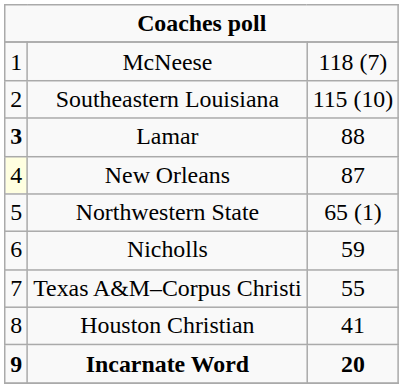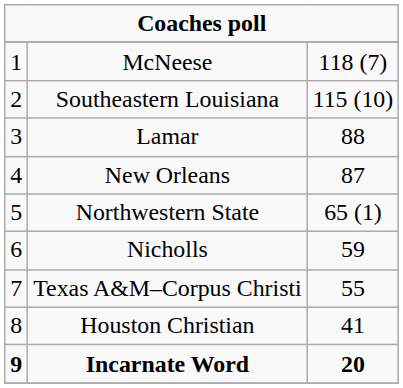 <table class="wikitable">
 <tr align="center">
 <td align="center" Colspan="3"><strong>Coaches poll</strong></td>
 </tr>
 <tr align="center">
 </tr>
 <tr align="center">
 <td>1</td>
 <td>McNeese</td>
 <td>118 (7)</td>
 </tr>
 <tr align="center">
 <td>2</td>
 <td>Southeastern Louisiana</td>
 <td>115 (10)</td>
 </tr>
 <tr align="center">
-<td><strong>3</strong></td>
+<td>3</td>
 <td>Lamar</td>
 <td>88</td>
 </tr>
 <tr align="center">
-<td style="background: lightyellow;">4</td>
+<td>4</td>
 <td>New Orleans</td>
 <td>87</td>
 </tr>
 <tr align="center">
 <td>5</td>
 <td>Northwestern State</td>
 <td>65 (1)</td>
 </tr>
 <tr align="center">
 <td>6</td>
 <td>Nicholls</td>
 <td>59</td>
 </tr>
 <tr align="center">
 <td>7</td>
 <td>Texas A&M–Corpus Christi</td>
 <td>55</td>
 </tr>
 <tr align="center">
 <td>8</td>
 <td>Houston Christian</td>
 <td>41</td>
 </tr>
 <tr align="center">
 <td><strong>9</strong></td>
 <td><strong>Incarnate Word</strong></td>
 <td><strong>20</strong></td>
 </tr>
 <tr align="center">
 </tr>
 </table>
